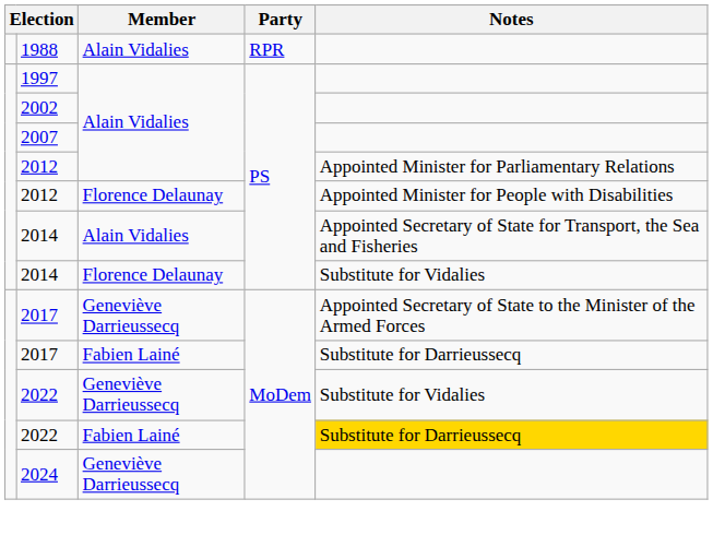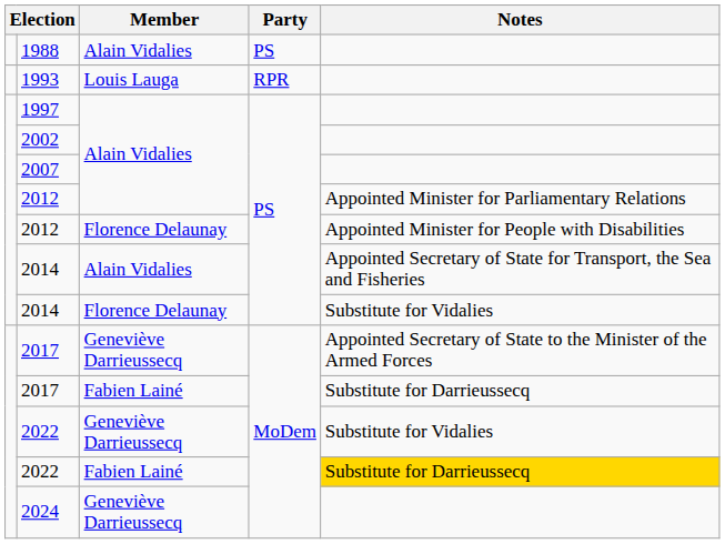 <table class="wikitable">
 <tr>
 <th colspan="2">Election</th>
 <th>Member</th>
 <th>Party</th>
 <th>Notes</th>
 </tr>
 <tr>
 <td style="color:inherit;background:"></td>
 <td><a href='#'>1988</a></td>
 <td><a href='#'>Alain Vidalies</a></td>
+<td><a href='#'>PS</a></td>
+<td></td>
+</tr>
+<tr>
+<td style="color:inherit;background:"></td>
+<td><a href='#'>1993</a></td>
+<td><a href='#'>Louis Lauga</a></td>
 <td><a href='#'>RPR</a></td>
 <td></td>
 </tr>
 <tr>
 <td rowspan="7" style="color:inherit;background:"></td>
 <td><a href='#'>1997</a></td>
 <td rowspan="4"><a href='#'>Alain Vidalies</a></td>
 <td rowspan="7"><a href='#'>PS</a></td>
 <td></td>
 </tr>
 <tr>
 <td><a href='#'>2002</a></td>
 <td></td>
 </tr>
 <tr>
 <td><a href='#'>2007</a></td>
 <td></td>
 </tr>
 <tr>
 <td><a href='#'>2012</a></td>
 <td>Appointed Minister for Parliamentary Relations</td>
 </tr>
 <tr>
 <td>2012</td>
 <td><a href='#'>Florence Delaunay</a></td>
 <td>Appointed Minister for People with Disabilities</td>
 </tr>
 <tr>
 <td>2014</td>
 <td><a href='#'>Alain Vidalies</a></td>
 <td>Appointed Secretary of State for Transport, the Sea and Fisheries</td>
 </tr>
 <tr>
 <td>2014</td>
 <td><a href='#'>Florence Delaunay</a></td>
 <td>Substitute for Vidalies</td>
 </tr>
 <tr>
 <td rowspan="5" style="color:inherit;background:"></td>
 <td><a href='#'>2017</a></td>
 <td><a href='#'>Geneviève Darrieussecq</a></td>
 <td rowspan="5"><a href='#'>MoDem</a></td>
 <td>Appointed Secretary of State to the Minister of the Armed Forces</td>
 </tr>
 <tr>
 <td>2017</td>
 <td><a href='#'>Fabien Lainé</a></td>
 <td>Substitute for Darrieussecq</td>
 </tr>
 <tr>
 <td><a href='#'>2022</a></td>
 <td><a href='#'>Geneviève Darrieussecq</a></td>
 <td>Substitute for Vidalies</td>
 </tr>
 <tr>
 <td>2022</td>
 <td><a href='#'>Fabien Lainé</a></td>
 <td style="background: gold;">Substitute for Darrieussecq</td>
 </tr>
 <tr>
 <td><a href='#'>2024</a></td>
 <td><a href='#'>Geneviève Darrieussecq</a></td>
 </tr>
 </table>
